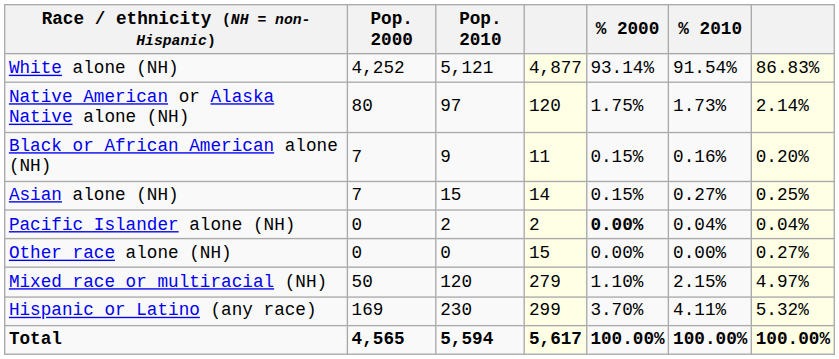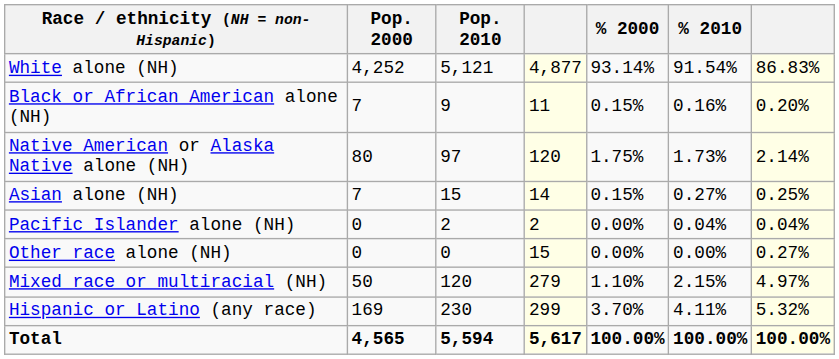 <table class="wikitable">
 <tr>
 <th>Race / ethnicity <small>(<em>NH = non-Hispanic</em>)</small></th>
 <th>Pop. 2000</th>
 <th>Pop. 2010</th>
 <th></th>
 <th>% 2000</th>
 <th>% 2010</th>
 <th></th>
 </tr>
 <tr>
 <td><a href='#'>White</a> alone (NH)</td>
 <td>4,252</td>
 <td>5,121</td>
 <td style='background: #ffffe6;'>4,877</td>
 <td>93.14%</td>
 <td>91.54%</td>
 <td style='background: #ffffe6;'>86.83%</td>
 </tr>
 <tr>
+<td><a href='#'>Black or African American</a> alone (NH)</td>
+<td>7</td>
+<td>9</td>
+<td style='background: #ffffe6;'>11</td>
+<td>0.15%</td>
+<td>0.16%</td>
+<td style='background: #ffffe6;'>0.20%</td>
+</tr>
+<tr>
 <td><a href='#'>Native American</a> or <a href='#'>Alaska Native</a> alone (NH)</td>
 <td>80</td>
 <td>97</td>
 <td style='background: #ffffe6;'>120</td>
 <td>1.75%</td>
 <td>1.73%</td>
 <td style='background: #ffffe6;'>2.14%</td>
-</tr>
-<tr>
-<td><a href='#'>Black or African American</a> alone (NH)</td>
-<td>7</td>
-<td>9</td>
-<td style='background: #ffffe6;'>11</td>
-<td>0.15%</td>
-<td>0.16%</td>
-<td style='background: #ffffe6;'>0.20%</td>
 </tr>
 <tr>
 <td><a href='#'>Asian</a> alone (NH)</td>
 <td>7</td>
 <td>15</td>
 <td style='background: #ffffe6;'>14</td>
 <td>0.15%</td>
 <td>0.27%</td>
 <td style='background: #ffffe6;'>0.25%</td>
 </tr>
 <tr>
 <td><a href='#'>Pacific Islander</a> alone (NH)</td>
 <td>0</td>
 <td>2</td>
 <td style='background: #ffffe6;'>2</td>
-<td><strong>0.00%</strong></td>
+<td>0.00%</td>
 <td>0.04%</td>
 <td style='background: #ffffe6;'>0.04%</td>
 </tr>
 <tr>
 <td><a href='#'>Other race</a> alone (NH)</td>
 <td>0</td>
 <td>0</td>
 <td style='background: #ffffe6;'>15</td>
 <td>0.00%</td>
 <td>0.00%</td>
 <td style='background: #ffffe6;'>0.27%</td>
 </tr>
 <tr>
 <td><a href='#'>Mixed race or multiracial</a> (NH)</td>
 <td>50</td>
 <td>120</td>
 <td style='background: #ffffe6;'>279</td>
 <td>1.10%</td>
 <td>2.15%</td>
 <td style='background: #ffffe6;'>4.97%</td>
 </tr>
 <tr>
 <td><a href='#'>Hispanic or Latino</a> (any race)</td>
 <td>169</td>
 <td>230</td>
 <td style='background: #ffffe6;'>299</td>
 <td>3.70%</td>
 <td>4.11%</td>
 <td style='background: #ffffe6;'>5.32%</td>
 </tr>
 <tr>
 <td><strong>Total</strong></td>
 <td><strong>4,565</strong></td>
 <td><strong>5,594</strong></td>
 <td style='background: #ffffe6;'><strong>5,617</strong></td>
 <td><strong>100.00%</strong></td>
 <td><strong>100.00%</strong></td>
 <td style='background: #ffffe6;'><strong>100.00%</strong></td>
 </tr>
 </table>
